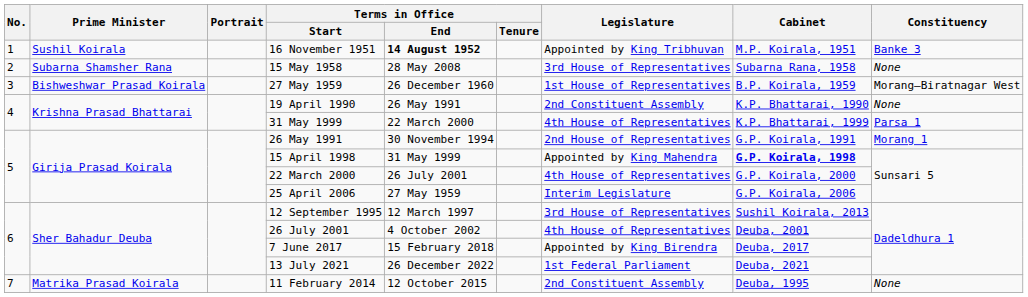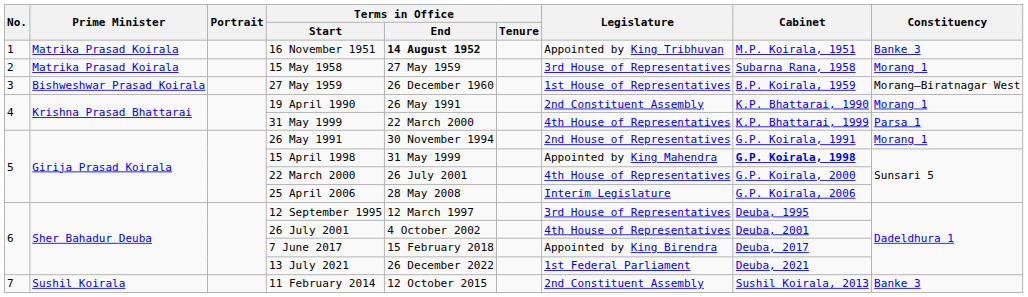 <table class="wikitable">
 <tr>
 <th rowspan="2" style="background-color:">No.</th>
 <th rowspan="2" style="background-color:">Prime Minister</th>
 <th rowspan="2" style="background-color:">Portrait</th>
 <th colspan="3" style="background-color:">Terms in Office</th>
 <th rowspan="2" style="background-color:">Legislature</th>
 <th rowspan="2" style="background-color:">Cabinet</th>
 <th rowspan="2" style="background-color:">Constituency</th>
 </tr>
 <tr>
 <th style="background-color:">Start</th>
 <th style="background-color:">End</th>
 <th style="background-color:">Tenure</th>
 </tr>
 <tr>
 <td>1</td>
-<td><a href='#'>Sushil Koirala</a></td>
+<td><a href='#'>Matrika Prasad Koirala</a></td>
 <td></td>
 <td>16 November 1951</td>
 <td><strong>14 August 1952</strong></td>
 <td></td>
 <td>Appointed by <a href='#'>King Tribhuvan</a></td>
 <td><a href='#'>M.P. Koirala, 1951</a></td>
 <td><a href='#'>Banke 3</a></td>
 </tr>
 <tr>
 <td>2</td>
-<td><a href='#'>Subarna Shamsher Rana</a></td>
+<td><a href='#'>Matrika Prasad Koirala</a></td>
 <td></td>
 <td>15 May 1958</td>
-<td>28 May 2008</td>
+<td>27 May 1959</td>
 <td></td>
 <td><a href='#'>3rd House of Representatives</a></td>
 <td><a href='#'>Subarna Rana, 1958</a></td>
-<td><em>None</em></td>
+<td><a href='#'>Morang 1</a></td>
 </tr>
 <tr>
 <td>3</td>
 <td><a href='#'>Bishweshwar Prasad Koirala</a></td>
 <td></td>
 <td>27 May 1959</td>
 <td>26 December 1960</td>
 <td></td>
 <td><a href='#'>1st House of Representatives</a></td>
 <td><a href='#'>B.P. Koirala, 1959</a></td>
 <td>Morang–Biratnagar West</td>
 </tr>
 <tr>
 <td rowspan="2">4</td>
 <td rowspan="2"><a href='#'>Krishna Prasad Bhattarai</a></td>
 <td rowspan="2"></td>
 <td>19 April 1990</td>
 <td>26 May 1991</td>
 <td></td>
 <td><a href='#'>2nd Constituent Assembly</a></td>
 <td><a href='#'>K.P. Bhattarai, 1990</a></td>
-<td><em>None</em></td>
+<td><a href='#'>Morang 1</a></td>
 </tr>
 <tr>
 <td>31 May 1999</td>
 <td>22 March 2000</td>
 <td></td>
 <td><a href='#'>4th House of Representatives</a></td>
 <td><a href='#'>K.P. Bhattarai, 1999</a></td>
 <td><a href='#'>Parsa 1</a></td>
 </tr>
 <tr>
 <td rowspan="4">5</td>
 <td rowspan="4"><a href='#'>Girija Prasad Koirala</a></td>
 <td rowspan="4"></td>
 <td>26 May 1991</td>
 <td>30 November 1994</td>
 <td></td>
 <td><a href='#'>2nd House of Representatives</a></td>
 <td><a href='#'>G.P. Koirala, 1991</a></td>
 <td><a href='#'>Morang 1</a></td>
 </tr>
 <tr>
 <td>15 April 1998</td>
 <td>31 May 1999</td>
 <td></td>
 <td>Appointed by <a href='#'>King Mahendra</a></td>
 <td><strong><a href='#'>G.P. Koirala, 1998</a></strong></td>
 <td rowspan="3">Sunsari 5</td>
 </tr>
 <tr>
 <td>22 March 2000</td>
 <td>26 July 2001</td>
 <td></td>
 <td><a href='#'>4th House of Representatives</a></td>
 <td><a href='#'>G.P. Koirala, 2000</a></td>
 </tr>
 <tr>
 <td>25 April 2006</td>
-<td>27 May 1959</td>
+<td>28 May 2008</td>
 <td></td>
 <td><a href='#'>Interim Legislature</a></td>
 <td><a href='#'>G.P. Koirala, 2006</a></td>
 </tr>
 <tr>
 <td rowspan="4">6</td>
 <td rowspan="4"><a href='#'>Sher Bahadur Deuba</a></td>
 <td rowspan="4"></td>
 <td>12 September 1995</td>
 <td>12 March 1997</td>
 <td></td>
 <td><a href='#'>3rd House of Representatives</a></td>
-<td><a href='#'>Sushil Koirala, 2013</a></td>
+<td><a href='#'>Deuba, 1995</a></td>
 <td rowspan="4"><a href='#'>Dadeldhura 1</a></td>
 </tr>
 <tr>
 <td>26 July 2001</td>
 <td>4 October 2002</td>
 <td></td>
 <td><a href='#'>4th House of Representatives</a></td>
 <td><a href='#'>Deuba, 2001</a></td>
 </tr>
 <tr>
 <td>7 June 2017</td>
 <td>15 February 2018</td>
 <td></td>
 <td>Appointed by <a href='#'>King Birendra</a></td>
 <td><a href='#'>Deuba, 2017</a></td>
 </tr>
 <tr>
 <td>13 July 2021</td>
 <td>26 December 2022</td>
 <td></td>
 <td><a href='#'>1st Federal Parliament</a></td>
 <td><a href='#'>Deuba, 2021</a></td>
 </tr>
 <tr>
 <td>7</td>
-<td><a href='#'>Matrika Prasad Koirala</a></td>
+<td><a href='#'>Sushil Koirala</a></td>
 <td></td>
 <td>11 February 2014</td>
 <td>12 October 2015</td>
 <td></td>
 <td><a href='#'>2nd Constituent Assembly</a></td>
-<td><a href='#'>Deuba, 1995</a></td>
-<td><em>None</em></td>
+<td><a href='#'>Sushil Koirala, 2013</a></td>
+<td><a href='#'>Banke 3</a></td>
 </tr>
 </table>
